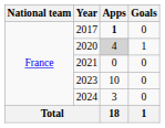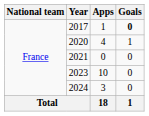 <table class="wikitable" style="text-align:center">
 <tr>
 <th>National team</th>
 <th>Year</th>
 <th>Apps</th>
 <th>Goals</th>
 </tr>
 <tr>
 <td rowspan=5><a href='#'>France</a></td>
 <td>2017</td>
-<td><strong>1</strong></td>
-<td>0</td>
+<td>1</td>
+<td><strong>0</strong></td>
 </tr>
 <tr>
 <td>2020</td>
-<td style="background: lightgrey;">4</td>
+<td>4</td>
 <td>1</td>
 </tr>
 <tr>
 <td>2021</td>
 <td>0</td>
 <td>0</td>
 </tr>
 <tr>
 <td>2023</td>
 <td>10</td>
 <td>0</td>
 </tr>
 <tr>
 <td>2024</td>
 <td>3</td>
 <td>0</td>
 </tr>
 <tr>
 <th colspan=2>Total</th>
 <th>18</th>
 <th>1</th>
 </tr>
 </table>
